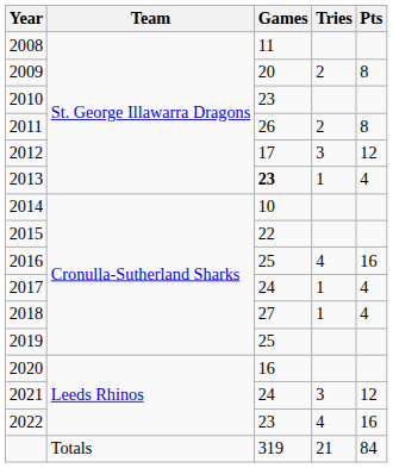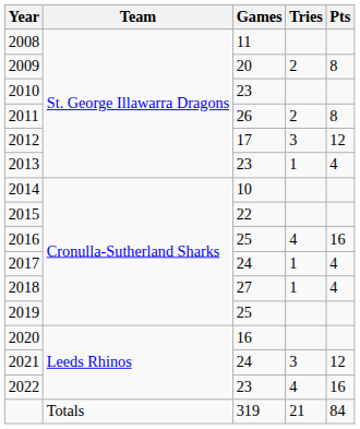 <table class="wikitable">
 <tr>
 <th>Year</th>
 <th>Team</th>
 <th>Games</th>
 <th>Tries</th>
 <th>Pts</th>
 </tr>
 <tr>
 <td>2008</td>
 <td rowspan="6"> <a href='#'>St. George Illawarra Dragons</a></td>
 <td>11</td>
 <td></td>
 <td></td>
 </tr>
 <tr>
 <td>2009</td>
 <td>20</td>
 <td>2</td>
 <td>8</td>
 </tr>
 <tr>
 <td>2010</td>
 <td>23</td>
 <td></td>
 <td></td>
 </tr>
 <tr>
 <td>2011</td>
 <td>26</td>
 <td>2</td>
 <td>8</td>
 </tr>
 <tr>
 <td>2012</td>
 <td>17</td>
 <td>3</td>
 <td>12</td>
 </tr>
 <tr>
 <td>2013</td>
-<td><strong>23</strong></td>
+<td>23</td>
 <td>1</td>
 <td>4</td>
 </tr>
 <tr>
 <td>2014</td>
 <td rowspan="6"> <a href='#'>Cronulla-Sutherland Sharks</a></td>
 <td>10</td>
 <td></td>
 <td></td>
 </tr>
 <tr>
 <td>2015</td>
 <td>22</td>
 <td></td>
 <td></td>
 </tr>
 <tr>
 <td>2016</td>
 <td>25</td>
 <td>4</td>
 <td>16</td>
 </tr>
 <tr>
 <td>2017</td>
 <td>24</td>
 <td>1</td>
 <td>4</td>
 </tr>
 <tr>
 <td>2018</td>
 <td>27</td>
 <td>1</td>
 <td>4</td>
 </tr>
 <tr>
 <td>2019</td>
 <td>25</td>
 <td></td>
 <td></td>
 </tr>
 <tr>
 <td>2020</td>
 <td rowspan="3"> <a href='#'>Leeds Rhinos</a></td>
 <td>16</td>
 <td></td>
 <td></td>
 </tr>
 <tr>
 <td>2021</td>
 <td>24</td>
 <td>3</td>
 <td>12</td>
 </tr>
 <tr>
 <td>2022</td>
 <td>23</td>
 <td>4</td>
 <td>16</td>
 </tr>
 <tr>
 <td></td>
 <td>Totals</td>
 <td>319</td>
 <td>21</td>
 <td>84</td>
 </tr>
 </table>
